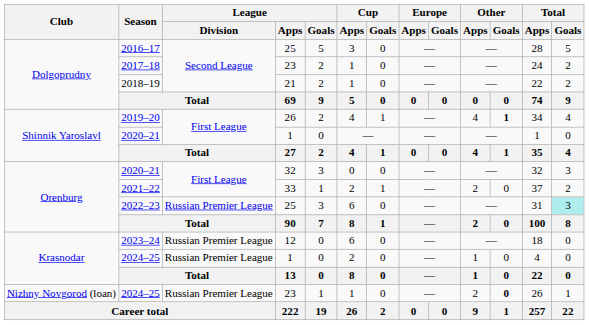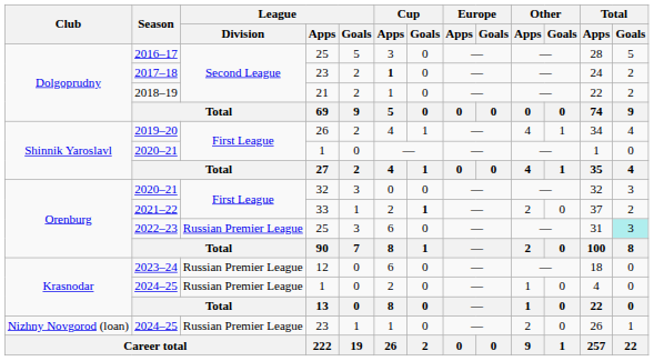 <table class="wikitable" style="text-align: center;">
 <tr>
 <th rowspan="2">Club</th>
 <th rowspan="2">Season</th>
 <th colspan="3">League</th>
 <th colspan="2">Cup</th>
 <th colspan="2">Europe</th>
 <th colspan="2">Other</th>
 <th colspan="2">Total</th>
 </tr>
 <tr>
 <th>Division</th>
 <th>Apps</th>
 <th>Goals</th>
 <th>Apps</th>
 <th>Goals</th>
 <th>Apps</th>
 <th>Goals</th>
 <th>Apps</th>
 <th>Goals</th>
 <th>Apps</th>
 <th>Goals</th>
 </tr>
 <tr>
 <td rowspan="4"><a href='#'>Dolgoprudny</a></td>
 <td><a href='#'>2016–17</a></td>
 <td rowspan="3"><a href='#'>Second League</a></td>
 <td>25</td>
 <td>5</td>
 <td>3</td>
 <td>0</td>
 <td colspan="2">—</td>
 <td colspan="2">—</td>
 <td>28</td>
 <td>5</td>
 </tr>
 <tr>
 <td><a href='#'>2017–18</a></td>
 <td>23</td>
 <td>2</td>
-<td>1</td>
+<td><strong>1</strong></td>
 <td>0</td>
 <td colspan="2">—</td>
 <td colspan="2">—</td>
 <td>24</td>
 <td>2</td>
 </tr>
 <tr>
 <td>2018–19</td>
 <td>21</td>
 <td>2</td>
 <td>1</td>
 <td>0</td>
 <td colspan="2">—</td>
 <td colspan="2">—</td>
 <td>22</td>
 <td>2</td>
 </tr>
 <tr>
 <th colspan=2>Total</th>
 <th>69</th>
 <th>9</th>
 <th>5</th>
 <th>0</th>
 <th>0</th>
 <th>0</th>
 <th>0</th>
 <th>0</th>
 <th>74</th>
 <th>9</th>
 </tr>
 <tr>
 <td rowspan="3"><a href='#'>Shinnik Yaroslavl</a></td>
 <td><a href='#'>2019–20</a></td>
 <td rowspan="2"><a href='#'>First League</a></td>
 <td>26</td>
 <td>2</td>
 <td>4</td>
 <td>1</td>
 <td colspan="2">—</td>
 <td>4</td>
-<td><strong>1</strong></td>
+<td>1</td>
 <td>34</td>
 <td>4</td>
 </tr>
 <tr>
 <td><a href='#'>2020–21</a></td>
 <td>1</td>
 <td>0</td>
 <td colspan="2">—</td>
 <td colspan="2">—</td>
 <td colspan="2">—</td>
 <td>1</td>
 <td>0</td>
 </tr>
 <tr>
 <th colspan=2>Total</th>
 <th>27</th>
 <th>2</th>
 <th>4</th>
 <th>1</th>
 <th>0</th>
 <th>0</th>
 <th>4</th>
 <th>1</th>
 <th>35</th>
 <th>4</th>
 </tr>
 <tr>
 <td rowspan="4"><a href='#'>Orenburg</a></td>
 <td><a href='#'>2020–21</a></td>
 <td rowspan="2"><a href='#'>First League</a></td>
 <td>32</td>
 <td>3</td>
 <td>0</td>
 <td>0</td>
 <td colspan="2">—</td>
 <td colspan="2">—</td>
 <td>32</td>
 <td>3</td>
 </tr>
 <tr>
 <td><a href='#'>2021–22</a></td>
 <td>33</td>
 <td>1</td>
 <td>2</td>
-<td>1</td>
+<td><strong>1</strong></td>
 <td colspan="2">—</td>
 <td>2</td>
 <td>0</td>
 <td>37</td>
 <td>2</td>
 </tr>
 <tr>
 <td><a href='#'>2022–23</a></td>
 <td><a href='#'>Russian Premier League</a></td>
 <td>25</td>
 <td>3</td>
 <td>6</td>
 <td>0</td>
 <td colspan="2">—</td>
 <td colspan="2">—</td>
 <td>31</td>
 <td style="background: paleturquoise;">3</td>
 </tr>
 <tr>
 <th colspan="2">Total</th>
 <th>90</th>
 <th>7</th>
 <th>8</th>
 <th>1</th>
 <th colspan="2">—</th>
 <th>2</th>
 <th>0</th>
 <th>100</th>
 <th>8</th>
 </tr>
 <tr>
 <td rowspan="3"><a href='#'>Krasnodar</a></td>
 <td><a href='#'>2023–24</a></td>
 <td>Russian Premier League</td>
 <td>12</td>
 <td>0</td>
 <td>6</td>
 <td>0</td>
 <td colspan="2">—</td>
 <td colspan="2">—</td>
 <td>18</td>
 <td>0</td>
 </tr>
 <tr>
 <td><a href='#'>2024–25</a></td>
 <td>Russian Premier League</td>
 <td>1</td>
 <td>0</td>
 <td>2</td>
 <td>0</td>
 <td colspan="2">—</td>
 <td>1</td>
 <td>0</td>
 <td>4</td>
 <td>0</td>
 </tr>
 <tr>
 <th colspan="2">Total</th>
 <th>13</th>
 <th>0</th>
 <th>8</th>
 <th>0</th>
 <th colspan="2">—</th>
 <th>1</th>
 <th>0</th>
 <th>22</th>
 <th>0</th>
 </tr>
 <tr>
 <td><a href='#'>Nizhny Novgorod</a> (loan)</td>
 <td><a href='#'>2024–25</a></td>
 <td>Russian Premier League</td>
 <td>23</td>
 <td>1</td>
 <td>1</td>
 <td>0</td>
 <td colspan="2">—</td>
 <td>2</td>
-<td><strong>0</strong></td>
+<td>0</td>
 <td>26</td>
 <td>1</td>
 </tr>
 <tr>
 <th colspan="3">Career total</th>
 <th>222</th>
 <th>19</th>
 <th>26</th>
 <th>2</th>
 <th>0</th>
 <th>0</th>
 <th>9</th>
 <th>1</th>
 <th>257</th>
 <th>22</th>
 </tr>
 </table>
